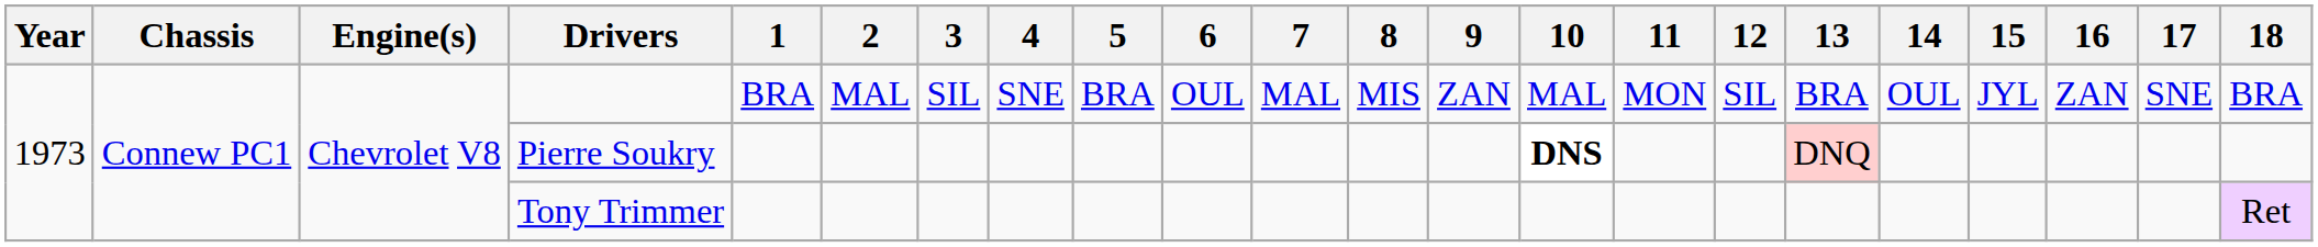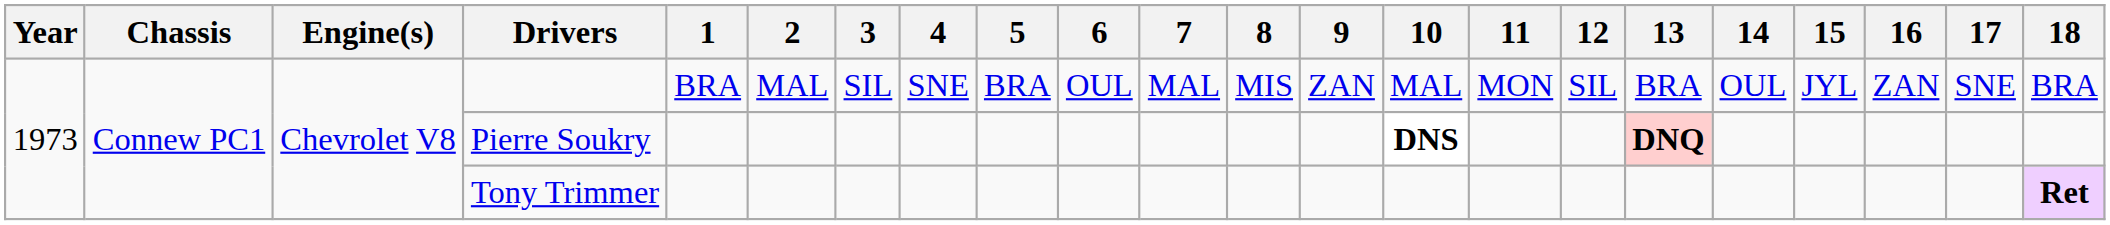 <table class="wikitable" style="text-align:center; font-size:95%">
 <tr>
 <th>Year</th>
 <th>Chassis</th>
 <th>Engine(s)</th>
 <th>Drivers</th>
 <th>1</th>
 <th>2</th>
 <th>3</th>
 <th>4</th>
 <th>5</th>
 <th>6</th>
 <th>7</th>
 <th>8</th>
 <th>9</th>
 <th>10</th>
 <th>11</th>
 <th>12</th>
 <th>13</th>
 <th>14</th>
 <th>15</th>
 <th>16</th>
 <th>17</th>
 <th>18</th>
 </tr>
 <tr>
 <td rowspan="3">1973</td>
 <td rowspan="3"><a href='#'>Connew PC1</a></td>
 <td rowspan="3"><a href='#'>Chevrolet</a> <a href='#'>V8</a></td>
 <td></td>
 <td><a href='#'>BRA</a></td>
 <td><a href='#'>MAL</a></td>
 <td><a href='#'>SIL</a></td>
 <td><a href='#'>SNE</a></td>
 <td><a href='#'>BRA</a></td>
 <td><a href='#'>OUL</a></td>
 <td><a href='#'>MAL</a></td>
 <td><a href='#'>MIS</a></td>
 <td><a href='#'>ZAN</a></td>
 <td><a href='#'>MAL</a></td>
 <td><a href='#'>MON</a></td>
 <td><a href='#'>SIL</a></td>
 <td><a href='#'>BRA</a></td>
 <td><a href='#'>OUL</a></td>
 <td><a href='#'>JYL</a></td>
 <td><a href='#'>ZAN</a></td>
 <td><a href='#'>SNE</a></td>
 <td><a href='#'>BRA</a></td>
 </tr>
 <tr>
 <td align="left"> <a href='#'>Pierre Soukry</a></td>
 <td></td>
 <td></td>
 <td></td>
 <td></td>
 <td></td>
 <td></td>
 <td></td>
 <td></td>
 <td></td>
 <td style="background:#FFFFFF;"><strong>DNS</strong></td>
 <td></td>
 <td></td>
-<td style="background:#FFCFCF;">DNQ</td>
+<td style="background:#FFCFCF;"><strong>DNQ</strong></td>
 <td></td>
 <td></td>
 <td></td>
 <td></td>
 <td></td>
 </tr>
 <tr>
 <td align="left"> <a href='#'>Tony Trimmer</a></td>
 <td></td>
 <td></td>
 <td></td>
 <td></td>
 <td></td>
 <td></td>
 <td></td>
 <td></td>
 <td></td>
 <td></td>
 <td></td>
 <td></td>
 <td></td>
 <td></td>
 <td></td>
 <td></td>
 <td></td>
-<td style="background:#EFCFFF;">Ret</td>
+<td style="background:#EFCFFF;"><strong>Ret</strong></td>
 </tr>
 </table>
